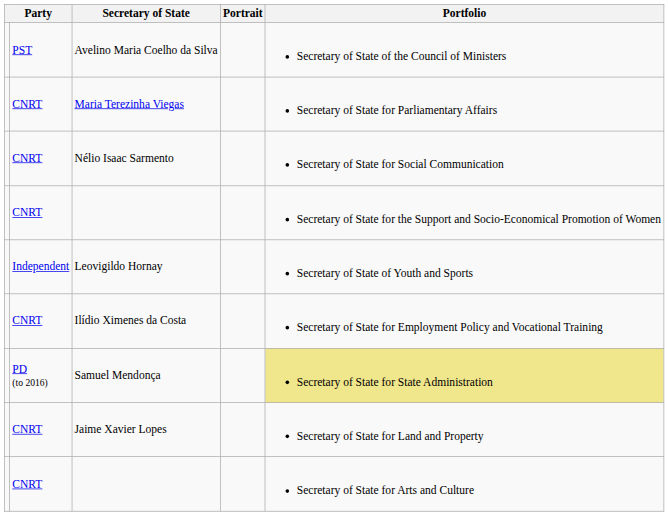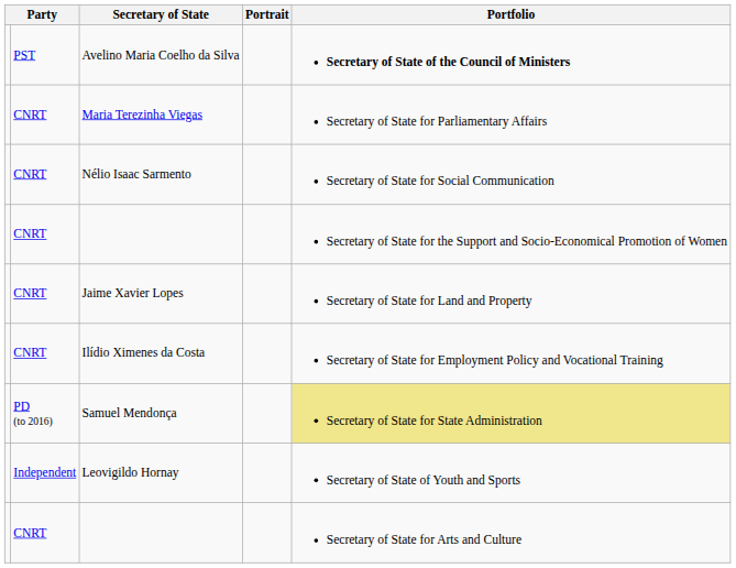 <table class="wikitable sortable">
 <tr>
 <th colspan="2">Party</th>
 <th>Secretary of State</th>
 <th>Portrait</th>
 <th>Portfolio</th>
 </tr>
 <tr>
 <td style="background:"></td>
 <td><a href='#'>PST</a></td>
 <td>Avelino Maria Coelho da Silva</td>
 <td></td>
-<td><br><ul><li>Secretary of State of the Council of Ministers</li></ul></td>
+<td><strong><br><ul><li>Secretary of State of the Council of Ministers</li></ul></strong></td>
 </tr>
 <tr>
 <td style="background:"></td>
 <td><a href='#'>CNRT</a></td>
 <td><a href='#'>Maria Terezinha Viegas</a></td>
 <td></td>
 <td><br><ul><li>Secretary of State for Parliamentary Affairs</li></ul></td>
 </tr>
 <tr>
 <td style="background:"></td>
 <td><a href='#'>CNRT</a></td>
 <td>Nélio Isaac Sarmento</td>
 <td></td>
 <td><br><ul><li>Secretary of State for Social Communication</li></ul></td>
 </tr>
 <tr>
 <td style="background:"></td>
 <td><a href='#'>CNRT</a></td>
 <td></td>
 <td></td>
 <td><br><ul><li>Secretary of State for the Support and Socio-Economical Promotion of Women</li></ul></td>
 </tr>
 <tr>
 <td style="background:"></td>
-<td><a href='#'>Independent</a></td>
-<td>Leovigildo Hornay</td>
+<td><a href='#'>CNRT</a></td>
+<td>Jaime Xavier Lopes</td>
 <td></td>
-<td><br><ul><li>Secretary of State of Youth and Sports</li></ul></td>
+<td><br><ul><li>Secretary of State for Land and Property</li></ul></td>
 </tr>
 <tr>
 <td style="background:"></td>
 <td><a href='#'>CNRT</a></td>
 <td>Ilídio Ximenes da Costa</td>
 <td></td>
 <td><br><ul><li>Secretary of State for Employment Policy and Vocational Training</li></ul></td>
 </tr>
 <tr>
 <td style="background:"></td>
 <td><a href='#'>PD</a><br><small>(to 2016)</small></td>
 <td>Samuel Mendonça</td>
 <td></td>
 <td style="background: khaki;"><br><ul><li>Secretary of State for State Administration</li></ul></td>
 </tr>
 <tr>
 <td style="background:"></td>
-<td><a href='#'>CNRT</a></td>
-<td>Jaime Xavier Lopes</td>
+<td><a href='#'>Independent</a></td>
+<td>Leovigildo Hornay</td>
 <td></td>
-<td><br><ul><li>Secretary of State for Land and Property</li></ul></td>
+<td><br><ul><li>Secretary of State of Youth and Sports</li></ul></td>
 </tr>
 <tr>
 <td style="background:"></td>
 <td><a href='#'>CNRT</a></td>
 <td></td>
 <td></td>
 <td><br><ul><li>Secretary of State for Arts and Culture</li></ul></td>
 </tr>
 </table>
